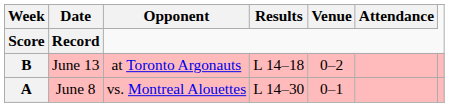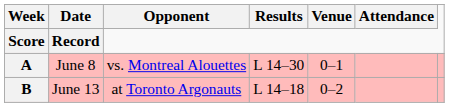 <table class="wikitable" style="text-align:center">
 <tr>
 <th>Week</th>
 <th>Date</th>
 <th>Opponent</th>
 <th>Results</th>
 <th>Venue</th>
 <th>Attendance</th>
 </tr>
 <tr>
 <th>Score</th>
 <th>Record</th>
 </tr>
 <tr style="background:#ffbbbb">
+<th>A</th>
+<td>June 8</td>
+<td>vs. <a href='#'>Montreal Alouettes</a></td>
+<td>L 14–30</td>
+<td>0–1</td>
+<td></td>
+<td></td>
+</tr>
+<tr style="background:#ffbbbb">
 <th>B</th>
 <td>June 13</td>
 <td>at <a href='#'>Toronto Argonauts</a></td>
 <td>L 14–18</td>
 <td>0–2</td>
 <td></td>
 <td></td>
 </tr>
-<tr style="background:#ffbbbb">
-<th>A</th>
-<td>June 8</td>
-<td>vs. <a href='#'>Montreal Alouettes</a></td>
-<td>L 14–30</td>
-<td>0–1</td>
-<td></td>
-<td></td>
-</tr>
 </table>
